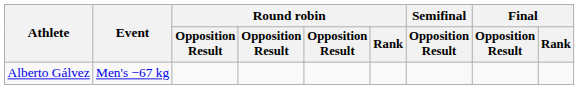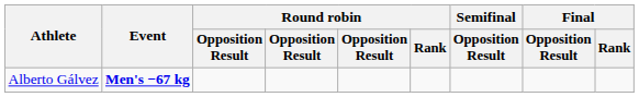 <table class=wikitable style=font-size:90%;text-align:center>
 <tr>
 <th rowspan=2>Athlete</th>
 <th rowspan=2>Event</th>
 <th colspan=4>Round robin</th>
 <th>Semifinal</th>
 <th colspan=2>Final</th>
 </tr>
 <tr style=font-size:95%>
 <th>Opposition<br>Result</th>
 <th>Opposition<br>Result</th>
 <th>Opposition<br>Result</th>
 <th>Rank</th>
 <th>Opposition<br>Result</th>
 <th>Opposition<br>Result</th>
 <th>Rank</th>
 </tr>
 <tr>
 <td align=left><a href='#'>Alberto Gálvez</a></td>
-<td align=left><a href='#'>Men's −67 kg</a></td>
+<td align=left><strong><a href='#'>Men's −67 kg</a></strong></td>
 <td></td>
 <td></td>
 <td></td>
 <td></td>
 <td></td>
 <td></td>
 <td></td>
 </tr>
 </table>
